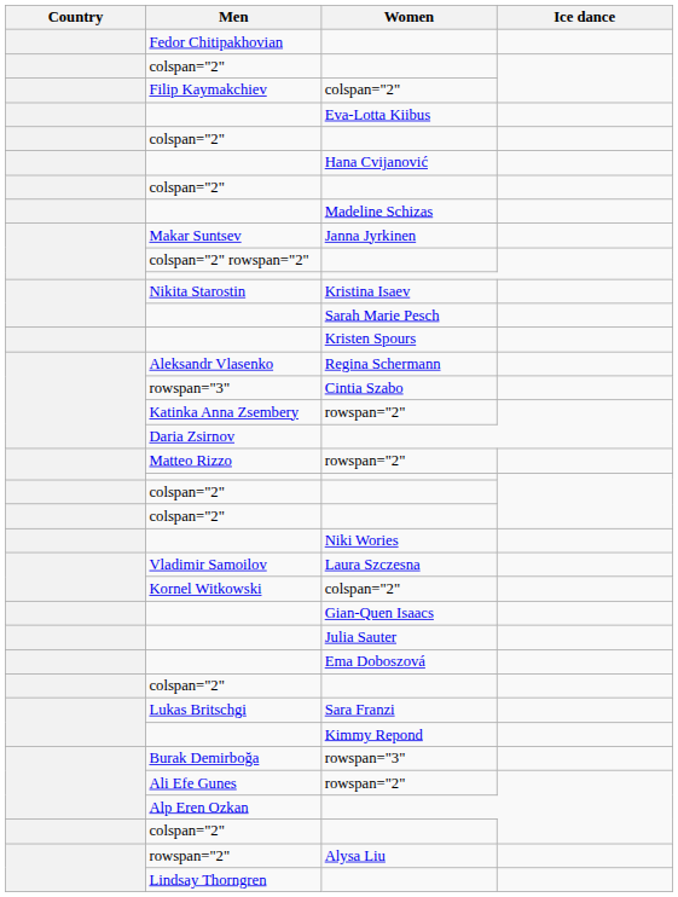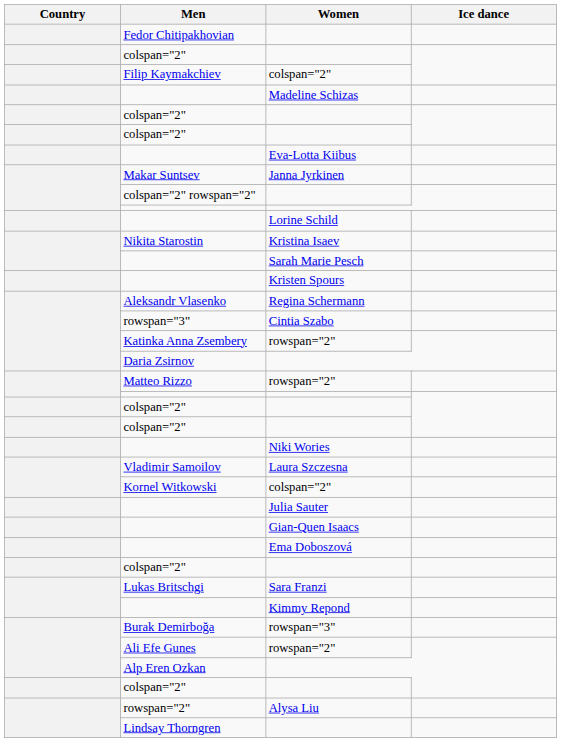 <table class="wikitable unsortable" style="text-align:left">
 <tr>
 <th scope="col" style="width:20%">Country</th>
 <th scope="col" style="width:25%">Men</th>
 <th scope="col" style="width:25%">Women</th>
 <th scope="col" style="width:25%">Ice dance</th>
 </tr>
 <tr>
 <th scope="row" style="text-align:left"></th>
 <td><a href='#'>Fedor Chitipakhovian</a></td>
 <td></td>
 <td></td>
 </tr>
 <tr>
 <th scope="row" style="text-align:left"></th>
 <td>colspan="2" </td>
 <td></td>
 </tr>
 <tr>
 <th scope="row" style="text-align:left"></th>
 <td><a href='#'>Filip Kaymakchiev</a></td>
 <td>colspan="2" </td>
 </tr>
 <tr>
 <th scope="row" style="text-align:left"></th>
 <td></td>
-<td><a href='#'>Eva-Lotta Kiibus</a></td>
+<td><a href='#'>Madeline Schizas</a></td>
+<td></td>
+</tr>
+<tr>
+<th scope="row" style="text-align:left"></th>
+<td>colspan="2" </td>
 <td></td>
 </tr>
 <tr>
 <th scope="row" style="text-align:left"></th>
 <td>colspan="2" </td>
 <td></td>
 </tr>
 <tr>
 <th scope="row" style="text-align:left"></th>
 <td></td>
-<td><a href='#'>Hana Cvijanović</a></td>
-<td></td>
-</tr>
-<tr>
-<th scope="row" style="text-align:left"></th>
-<td>colspan="2" </td>
-<td></td>
-</tr>
-<tr>
-<th scope="row" style="text-align:left"></th>
-<td></td>
-<td><a href='#'>Madeline Schizas</a></td>
+<td><a href='#'>Eva-Lotta Kiibus</a></td>
 <td></td>
 </tr>
 <tr>
 <th rowspan="3" scope="row" style="text-align:left"></th>
 <td><a href='#'>Makar Suntsev</a></td>
 <td><a href='#'>Janna Jyrkinen</a></td>
 <td></td>
 </tr>
 <tr>
 <td>colspan="2" rowspan="2" </td>
 <td></td>
 </tr>
 <tr>
+<td></td>
+</tr>
+<tr>
+<th scope="row" style="text-align:left"></th>
+<td></td>
+<td><a href='#'>Lorine Schild</a></td>
 <td></td>
 </tr>
 <tr>
 <th rowspan="2" scope="row" style="text-align:left"></th>
 <td><a href='#'>Nikita Starostin</a></td>
 <td><a href='#'>Kristina Isaev</a></td>
 <td></td>
 </tr>
 <tr>
 <td></td>
 <td><a href='#'>Sarah Marie Pesch</a></td>
 <td></td>
 </tr>
 <tr>
 <th scope="row" style="text-align:left"></th>
 <td></td>
 <td><a href='#'>Kristen Spours</a></td>
 <td></td>
 </tr>
 <tr>
 <th rowspan="4" scope="row" style="text-align:left"></th>
 <td><a href='#'>Aleksandr Vlasenko</a></td>
 <td><a href='#'>Regina Schermann</a></td>
 <td></td>
 </tr>
 <tr>
 <td>rowspan="3" </td>
 <td><a href='#'>Cintia Szabo</a></td>
 <td></td>
 </tr>
 <tr>
 <td><a href='#'>Katinka Anna Zsembery</a></td>
 <td>rowspan="2" </td>
 </tr>
 <tr>
 <td><a href='#'>Daria Zsirnov</a></td>
 </tr>
 <tr>
 <th rowspan="2" scope="row" style="text-align:left"></th>
 <td><a href='#'>Matteo Rizzo</a></td>
 <td>rowspan="2" </td>
 <td></td>
 </tr>
 <tr>
 <td></td>
 <td></td>
 </tr>
 <tr>
 <th scope="row" style="text-align:left"></th>
 <td>colspan="2" </td>
 <td></td>
 </tr>
 <tr>
 <th scope="row" style="text-align:left"></th>
 <td>colspan="2" </td>
 <td></td>
 </tr>
 <tr>
 <th scope="row" style="text-align:left"></th>
 <td></td>
 <td><a href='#'>Niki Wories</a></td>
 <td></td>
 </tr>
 <tr>
 <th rowspan="2" scope="row" style="text-align:left"></th>
 <td><a href='#'>Vladimir Samoilov</a></td>
 <td><a href='#'>Laura Szczesna</a></td>
 <td></td>
 </tr>
 <tr>
 <td><a href='#'>Kornel Witkowski</a></td>
 <td>colspan="2" </td>
 </tr>
 <tr>
 <th scope="row" style="text-align:left"></th>
 <td></td>
-<td><a href='#'>Gian-Quen Isaacs</a></td>
+<td><a href='#'>Julia Sauter</a></td>
 <td></td>
 </tr>
 <tr>
 <th scope="row" style="text-align:left"></th>
 <td></td>
-<td><a href='#'>Julia Sauter</a></td>
+<td><a href='#'>Gian-Quen Isaacs</a></td>
 <td></td>
 </tr>
 <tr>
 <th scope="row" style="text-align:left"></th>
 <td></td>
 <td><a href='#'>Ema Doboszová</a></td>
 <td></td>
 </tr>
 <tr>
 <th scope="row" style="text-align:left"></th>
 <td>colspan="2" </td>
 <td></td>
 </tr>
 <tr>
 <th rowspan="2" scope="row" style="text-align:left"></th>
 <td><a href='#'>Lukas Britschgi</a></td>
 <td><a href='#'>Sara Franzi</a></td>
 <td></td>
 </tr>
 <tr>
 <td></td>
 <td><a href='#'>Kimmy Repond</a></td>
 <td></td>
 </tr>
 <tr>
 <th rowspan="3" scope="row" style="text-align:left"></th>
 <td><a href='#'>Burak Demirboğa</a></td>
 <td>rowspan="3" </td>
 <td></td>
 </tr>
 <tr>
 <td><a href='#'>Ali Efe Gunes</a></td>
 <td>rowspan="2" </td>
 </tr>
 <tr>
 <td><a href='#'>Alp Eren Ozkan</a></td>
 </tr>
 <tr>
 <th scope="row" style="text-align:left"></th>
 <td>colspan="2" </td>
 <td></td>
 </tr>
 <tr>
 <th rowspan="2" scope="row" style="text-align:left"></th>
 <td>rowspan="2" </td>
 <td><a href='#'>Alysa Liu</a></td>
 <td></td>
 </tr>
 <tr>
 <td><a href='#'>Lindsay Thorngren</a></td>
 <td></td>
 </tr>
 </table>
